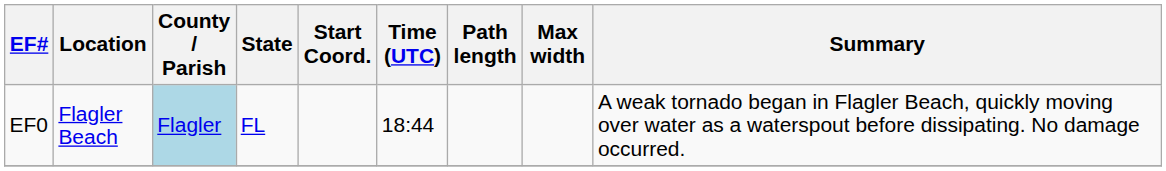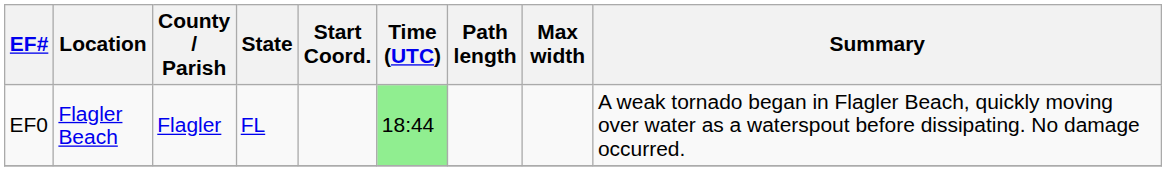 <table class="wikitable sortable" style="width:100%;">
 <tr>
 <th scope="col"  style="width:3%; text-align:center;"><a href='#'>EF#</a></th>
 <th scope="col"  style="width:7%; text-align:center;" class="unsortable">Location</th>
 <th scope="col"  style="width:6%; text-align:center;" class="unsortable">County / Parish</th>
 <th scope="col"  style="width:5%; text-align:center;">State</th>
 <th scope="col"  style="width:6%; text-align:center;">Start Coord.</th>
 <th scope="col"  style="width:6%; text-align:center;">Time (<a href='#'>UTC</a>)</th>
 <th scope="col"  style="width:6%; text-align:center;">Path length</th>
 <th scope="col"  style="width:6%; text-align:center;">Max width</th>
 <th scope="col" class="unsortable" style="width:48%; text-align:center;">Summary</th>
 </tr>
 <tr>
 <td bgcolor=>EF0</td>
 <td><a href='#'>Flagler Beach</a></td>
-<td style="background: lightblue;"><a href='#'>Flagler</a></td>
+<td><a href='#'>Flagler</a></td>
 <td><a href='#'>FL</a></td>
 <td></td>
-<td>18:44</td>
+<td style="background: lightgreen;">18:44</td>
 <td></td>
 <td></td>
 <td>A weak tornado began in Flagler Beach, quickly moving over water as a waterspout before dissipating. No damage occurred.</td>
 </tr>
 <tr>
 </tr>
 </table>
